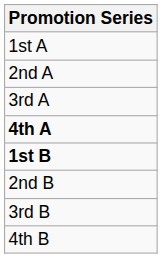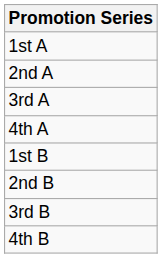 <table class="wikitable">
 <tr>
 <th>Promotion Series</th>
 </tr>
 <tr>
 <td>1st A</td>
 </tr>
 <tr>
 <td>2nd A</td>
 </tr>
 <tr>
 <td>3rd A</td>
 </tr>
 <tr>
-<td><strong>4th A</strong></td>
+<td>4th A</td>
 </tr>
 <tr>
-<td><strong>1st B</strong></td>
+<td>1st B</td>
 </tr>
 <tr>
 <td>2nd B</td>
 </tr>
 <tr>
 <td>3rd B</td>
 </tr>
 <tr>
 <td>4th B</td>
 </tr>
 </table>
